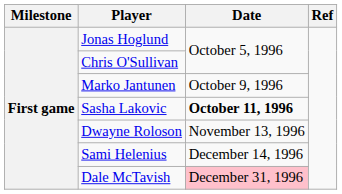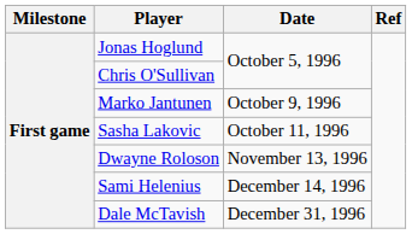 <table class="wikitable">
 <tr>
 <th scope="col">Milestone</th>
 <th scope="col">Player</th>
 <th scope="col">Date</th>
 <th scope="col">Ref</th>
 </tr>
 <tr>
 <th rowspan=7>First game</th>
 <td><a href='#'>Jonas Hoglund</a></td>
 <td rowspan=2>October 5, 1996</td>
 <td rowspan=7></td>
 </tr>
 <tr>
 <td><a href='#'>Chris O'Sullivan</a></td>
 </tr>
 <tr>
 <td><a href='#'>Marko Jantunen</a></td>
 <td>October 9, 1996</td>
 </tr>
 <tr>
 <td><a href='#'>Sasha Lakovic</a></td>
-<td><strong>October 11, 1996</strong></td>
+<td>October 11, 1996</td>
 </tr>
 <tr>
 <td><a href='#'>Dwayne Roloson</a></td>
 <td>November 13, 1996</td>
 </tr>
 <tr>
 <td><a href='#'>Sami Helenius</a></td>
 <td>December 14, 1996</td>
 </tr>
 <tr>
 <td><a href='#'>Dale McTavish</a></td>
-<td style="background: pink;">December 31, 1996</td>
+<td>December 31, 1996</td>
 </tr>
 </table>
